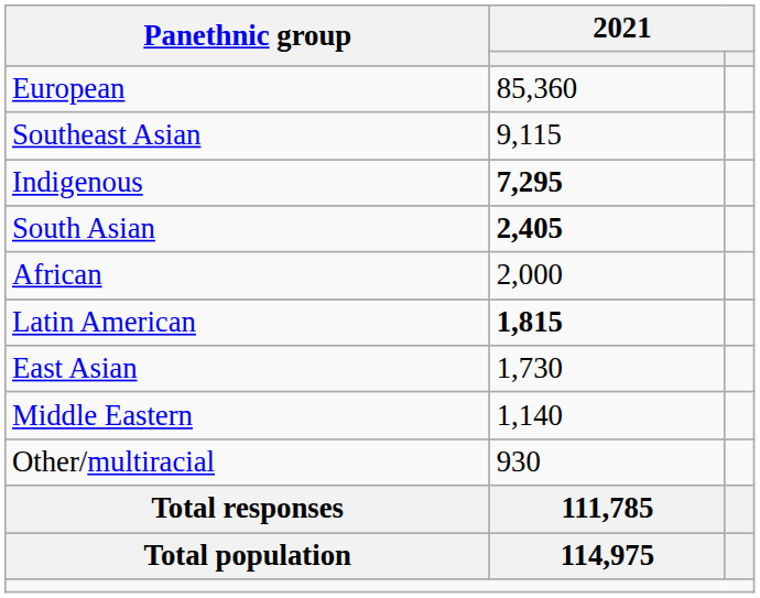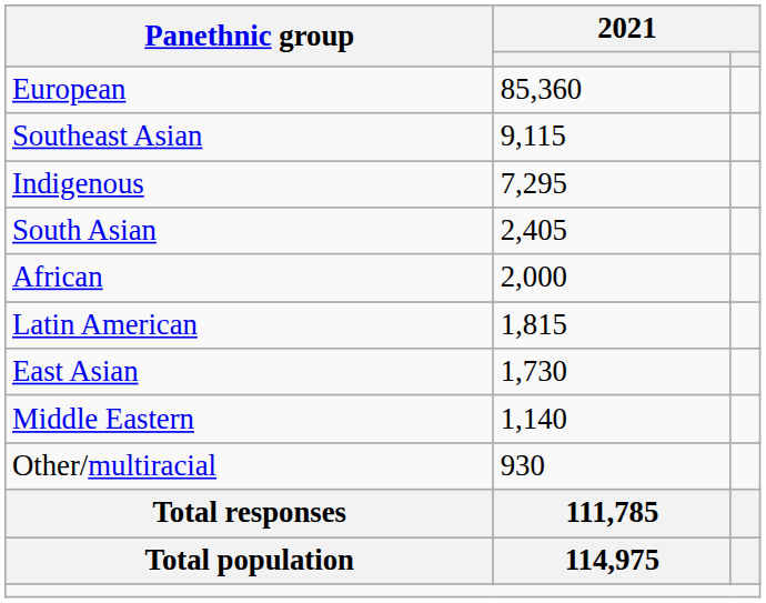 <table class="wikitable collapsible sortable">
 <tr>
 <th rowspan="2"><a href='#'>Panethnic</a> group</th>
 <th colspan="2">2021</th>
 </tr>
 <tr>
 <th><a href='#'></a></th>
 <th></th>
 </tr>
 <tr>
 <td><a href='#'>European</a></td>
 <td>85,360</td>
 <td></td>
 </tr>
 <tr>
 <td><a href='#'>Southeast Asian</a></td>
 <td>9,115</td>
 <td></td>
 </tr>
 <tr>
 <td><a href='#'>Indigenous</a></td>
-<td><strong>7,295</strong></td>
+<td>7,295</td>
 <td></td>
 </tr>
 <tr>
 <td><a href='#'>South Asian</a></td>
-<td><strong>2,405</strong></td>
+<td>2,405</td>
 <td></td>
 </tr>
 <tr>
 <td><a href='#'>African</a></td>
 <td>2,000</td>
 <td></td>
 </tr>
 <tr>
 <td><a href='#'>Latin American</a></td>
-<td><strong>1,815</strong></td>
+<td>1,815</td>
 <td></td>
 </tr>
 <tr>
 <td><a href='#'>East Asian</a></td>
 <td>1,730</td>
 <td></td>
 </tr>
 <tr>
 <td><a href='#'>Middle Eastern</a></td>
 <td>1,140</td>
 <td></td>
 </tr>
 <tr>
 <td>Other/<a href='#'>multiracial</a></td>
 <td>930</td>
 <td></td>
 </tr>
 <tr>
 <th>Total responses</th>
 <th>111,785</th>
 <th></th>
 </tr>
 <tr class="sortbottom">
 <th>Total population</th>
 <th>114,975</th>
 <th></th>
 </tr>
 <tr class="sortbottom">
 <td colspan="15" style="width: 25em;"></td>
 </tr>
 </table>
